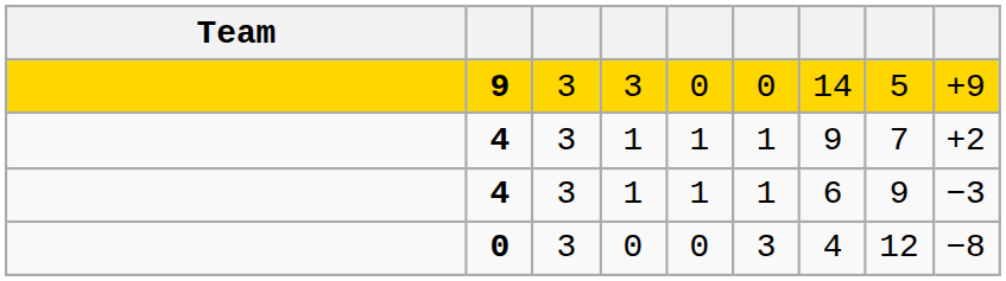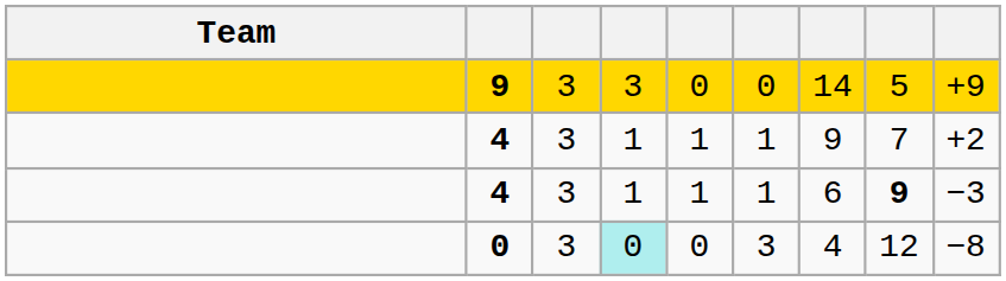 <table class=wikitable style="text-align:center">
 <tr>
 <th width="175">Team</th>
 <th width="20"></th>
 <th width="20"></th>
 <th width="20"></th>
 <th width="20"></th>
 <th width="20"></th>
 <th width="20"></th>
 <th width="20"></th>
 <th width="20"></th>
 </tr>
 <tr bgcolor="gold">
 <td style="text-align:left;"></td>
 <td><strong>9</strong></td>
 <td>3</td>
 <td>3</td>
 <td>0</td>
 <td>0</td>
 <td>14</td>
 <td>5</td>
 <td>+9</td>
 </tr>
 <tr>
 <td style="text-align:left;"></td>
 <td><strong>4</strong></td>
 <td>3</td>
 <td>1</td>
 <td>1</td>
 <td>1</td>
 <td>9</td>
 <td>7</td>
 <td>+2</td>
 </tr>
 <tr>
 <td style="text-align:left;"></td>
 <td><strong>4</strong></td>
 <td>3</td>
 <td>1</td>
 <td>1</td>
 <td>1</td>
 <td>6</td>
-<td>9</td>
+<td><strong>9</strong></td>
 <td>−3</td>
 </tr>
 <tr>
 <td style="text-align:left;"></td>
 <td><strong>0</strong></td>
 <td>3</td>
-<td>0</td>
+<td style="background: paleturquoise;">0</td>
 <td>0</td>
 <td>3</td>
 <td>4</td>
 <td>12</td>
 <td>−8</td>
 </tr>
 </table>
